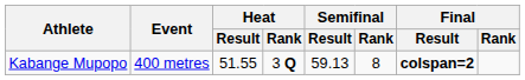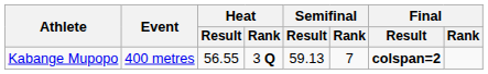 <table class="wikitable" style="font-size:90%">
 <tr>
 <th rowspan="2">Athlete</th>
 <th rowspan="2">Event</th>
 <th colspan="2">Heat</th>
 <th colspan="2">Semifinal</th>
 <th colspan="2">Final</th>
 </tr>
 <tr style="font-size:95%">
 <th>Result</th>
 <th>Rank</th>
 <th>Result</th>
 <th>Rank</th>
 <th>Result</th>
 <th>Rank</th>
 </tr>
 <tr style=text-align:center>
 <td style=text-align:left><a href='#'>Kabange Mupopo</a></td>
 <td style=text-align:left><a href='#'>400 metres</a></td>
-<td>51.55</td>
+<td>56.55</td>
 <td>3 <strong>Q</strong></td>
 <td>59.13</td>
-<td>8</td>
+<td>7</td>
 <td><strong>colspan=2 </strong></td>
 </tr>
 </table>
